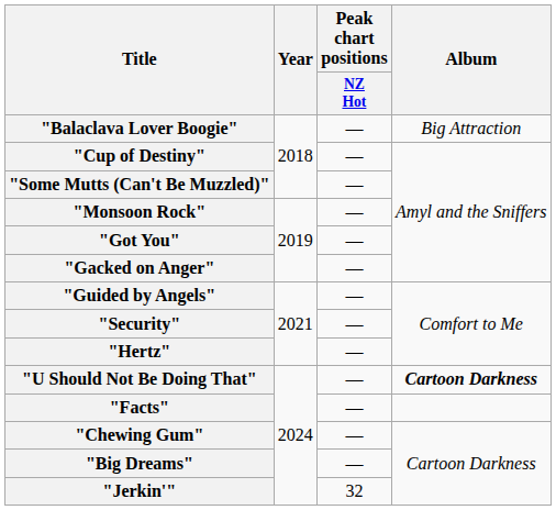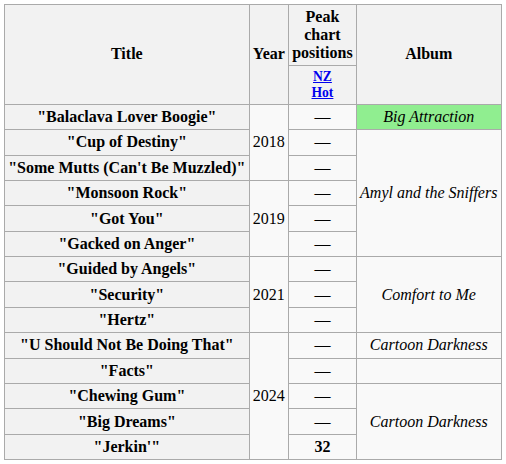 <table class="wikitable plainrowheaders" style="text-align:center;">
 <tr>
 <th scope="col" rowspan="2">Title</th>
 <th scope="col" rowspan="2">Year</th>
 <th scope="col" colspan="1">Peak chart positions</th>
 <th scope="col" rowspan="2">Album</th>
 </tr>
 <tr>
 <th scope="col" style="width:2.5em; font-size:85%"><a href='#'>NZ<br>Hot</a><br></th>
 </tr>
 <tr>
 <th scope="row">"Balaclava Lover Boogie"</th>
 <td rowspan="3">2018</td>
 <td>—</td>
-<td><em>Big Attraction</em></td>
+<td style="background: lightgreen;"><em>Big Attraction</em></td>
 </tr>
 <tr>
 <th scope="row">"Cup of Destiny"</th>
 <td>—</td>
 <td rowspan="5"><em>Amyl and the Sniffers</em></td>
 </tr>
 <tr>
 <th scope="row">"Some Mutts (Can't Be Muzzled)"</th>
 <td>—</td>
 </tr>
 <tr>
 <th scope="row">"Monsoon Rock"</th>
 <td rowspan="3">2019</td>
 <td>—</td>
 </tr>
 <tr>
 <th scope="row">"Got You"</th>
 <td>—</td>
 </tr>
 <tr>
 <th scope="row">"Gacked on Anger"</th>
 <td>—</td>
 </tr>
 <tr>
 <th scope="row">"Guided by Angels"</th>
 <td rowspan="3">2021</td>
 <td>—</td>
 <td rowspan="3"><em>Comfort to Me</em></td>
 </tr>
 <tr>
 <th scope="row">"Security"</th>
 <td>—</td>
 </tr>
 <tr>
 <th scope="row">"Hertz"</th>
 <td>—</td>
 </tr>
 <tr>
 <th scope="row">"U Should Not Be Doing That"</th>
 <td rowspan="5">2024</td>
 <td>—</td>
-<td><strong><em>Cartoon Darkness</em></strong></td>
+<td><em>Cartoon Darkness</em></td>
 </tr>
 <tr>
 <th scope="row">"Facts"</th>
 <td>—</td>
 <td></td>
 </tr>
 <tr>
 <th scope="row">"Chewing Gum"</th>
 <td>—</td>
 <td rowspan="3"><em>Cartoon Darkness</em></td>
 </tr>
 <tr>
 <th scope="row">"Big Dreams"</th>
 <td>—</td>
 </tr>
 <tr>
 <th scope="row">"Jerkin'"</th>
-<td>32</td>
+<td><strong>32</strong></td>
 </tr>
 </table>
